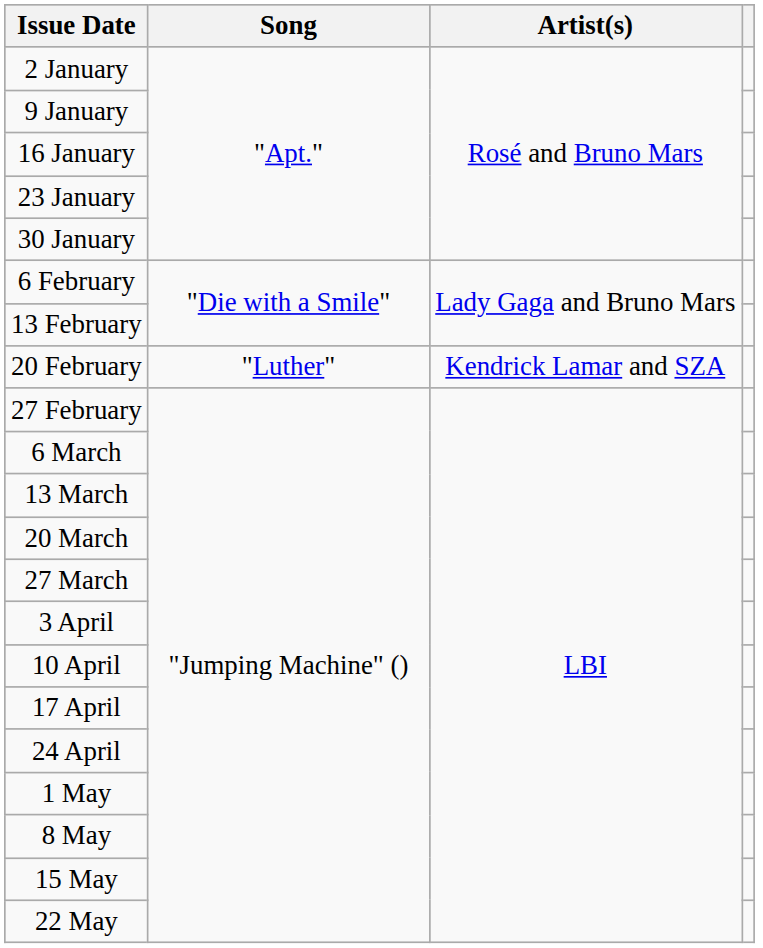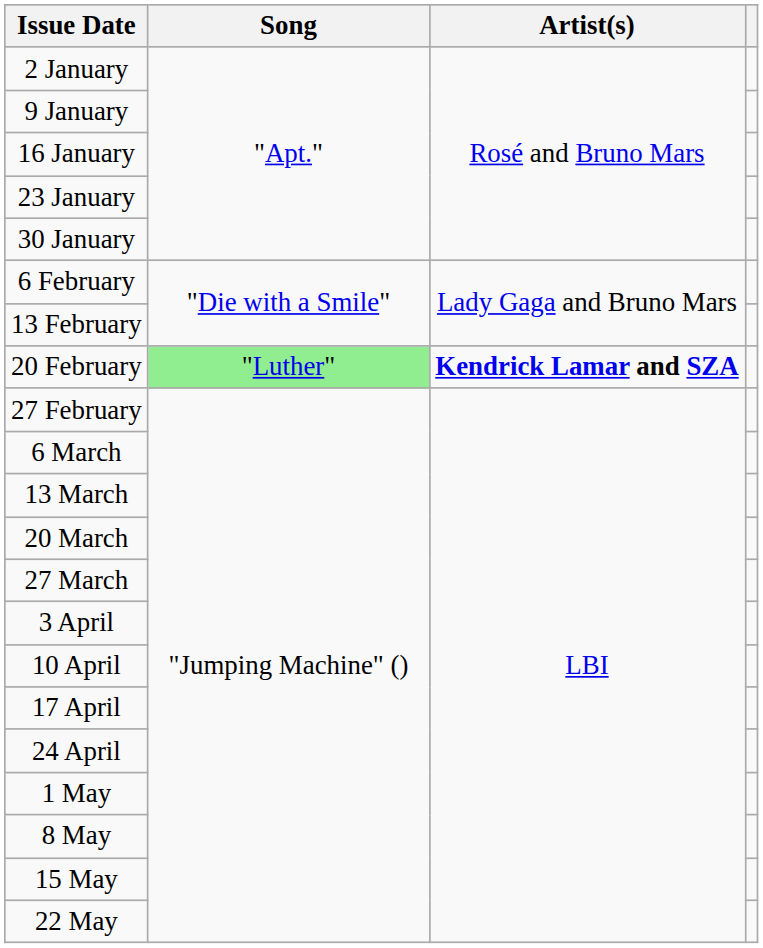 <table class="wikitable" style="text-align: center">
 <tr>
 <th style="text-align: center">Issue Date</th>
 <th style="text-align: center; width:10em">Song</th>
 <th style="text-align: center">Artist(s)</th>
 <th style="text-align: center"></th>
 </tr>
 <tr>
 <td>2 January</td>
 <td rowspan="5">"<a href='#'>Apt.</a>"</td>
 <td rowspan="5"><a href='#'>Rosé</a> and <a href='#'>Bruno Mars</a></td>
 <td></td>
 </tr>
 <tr>
 <td>9 January</td>
 <td></td>
 </tr>
 <tr>
 <td>16 January</td>
 <td></td>
 </tr>
 <tr>
 <td>23 January</td>
 <td></td>
 </tr>
 <tr>
 <td>30 January</td>
 <td></td>
 </tr>
 <tr>
 <td>6 February</td>
 <td rowspan="2">"<a href='#'>Die with a Smile</a>"</td>
 <td rowspan="2"><a href='#'>Lady Gaga</a> and Bruno Mars</td>
 <td></td>
 </tr>
 <tr>
 <td>13 February</td>
 <td></td>
 </tr>
 <tr>
 <td>20 February</td>
-<td>"<a href='#'>Luther</a>"</td>
-<td><a href='#'>Kendrick Lamar</a> and <a href='#'>SZA</a></td>
+<td style="background: lightgreen;">"<a href='#'>Luther</a>"</td>
+<td><strong><a href='#'>Kendrick Lamar</a> and <a href='#'>SZA</a></strong></td>
 <td></td>
 </tr>
 <tr>
 <td>27 February</td>
 <td rowspan="13">"Jumping Machine" ()</td>
 <td rowspan="13"><a href='#'>LBI</a></td>
 <td></td>
 </tr>
 <tr>
 <td>6 March</td>
 <td></td>
 </tr>
 <tr>
 <td>13 March</td>
 <td></td>
 </tr>
 <tr>
 <td>20 March</td>
 <td></td>
 </tr>
 <tr>
 <td>27 March</td>
 <td></td>
 </tr>
 <tr>
 <td>3 April</td>
 <td></td>
 </tr>
 <tr>
 <td>10 April</td>
 <td></td>
 </tr>
 <tr>
 <td>17 April</td>
 <td></td>
 </tr>
 <tr>
 <td>24 April</td>
 <td></td>
 </tr>
 <tr>
 <td>1 May</td>
 <td></td>
 </tr>
 <tr>
 <td>8 May</td>
 <td></td>
 </tr>
 <tr>
 <td>15 May</td>
 <td></td>
 </tr>
 <tr>
 <td>22 May</td>
 <td></td>
 </tr>
 </table>
